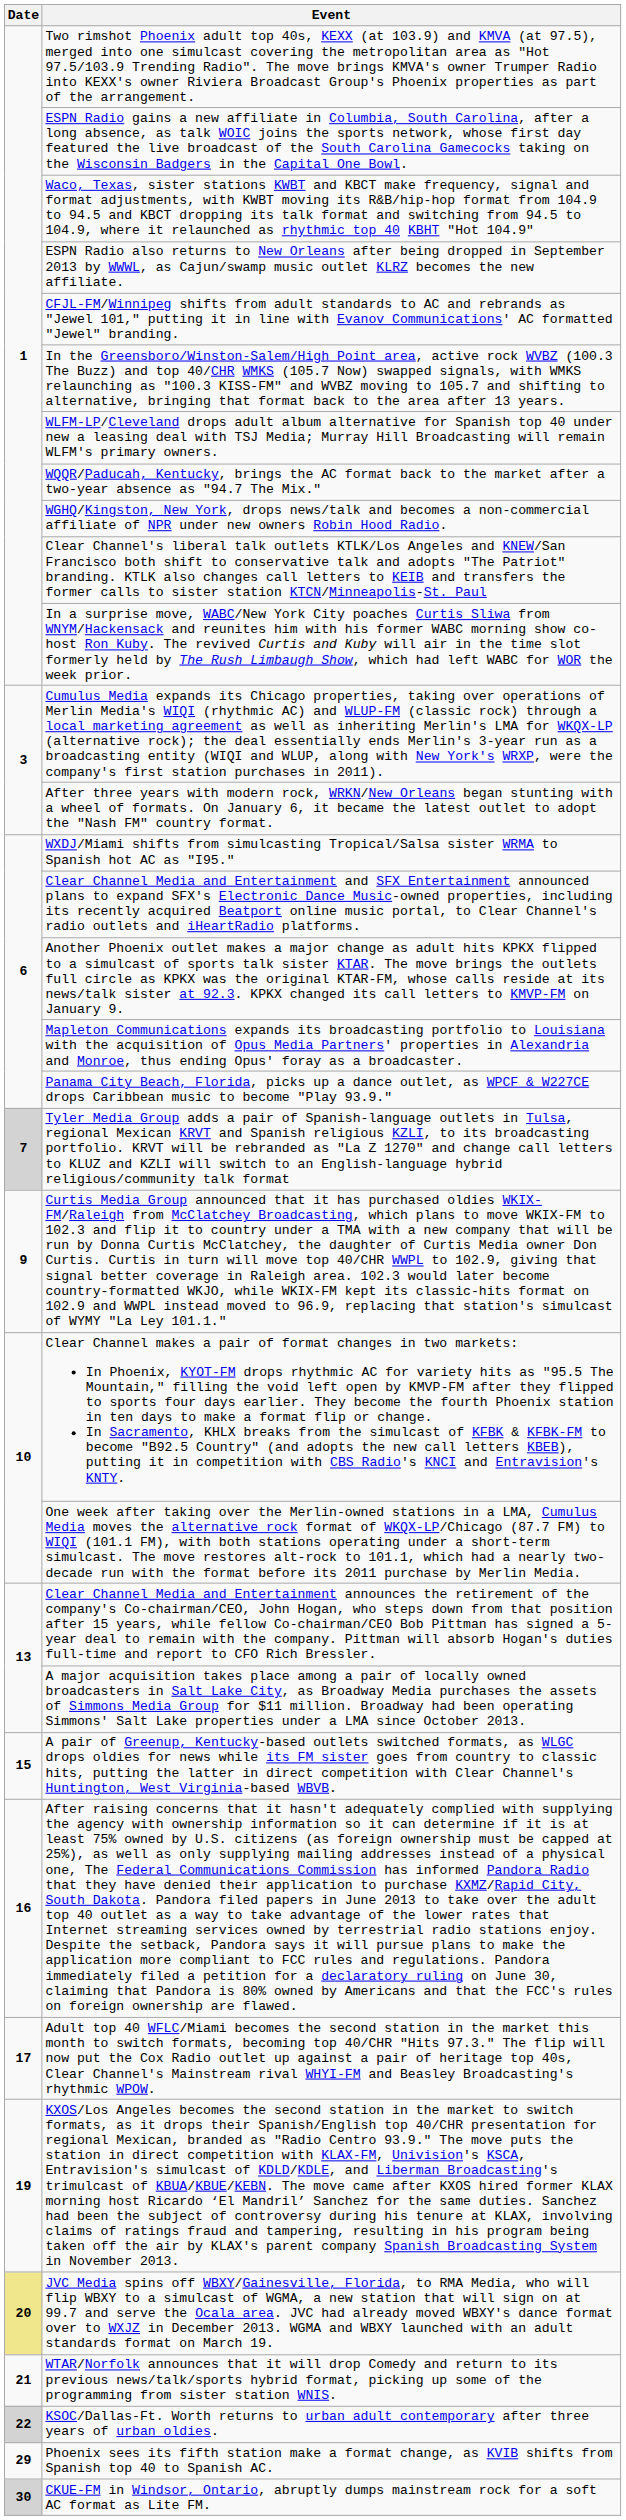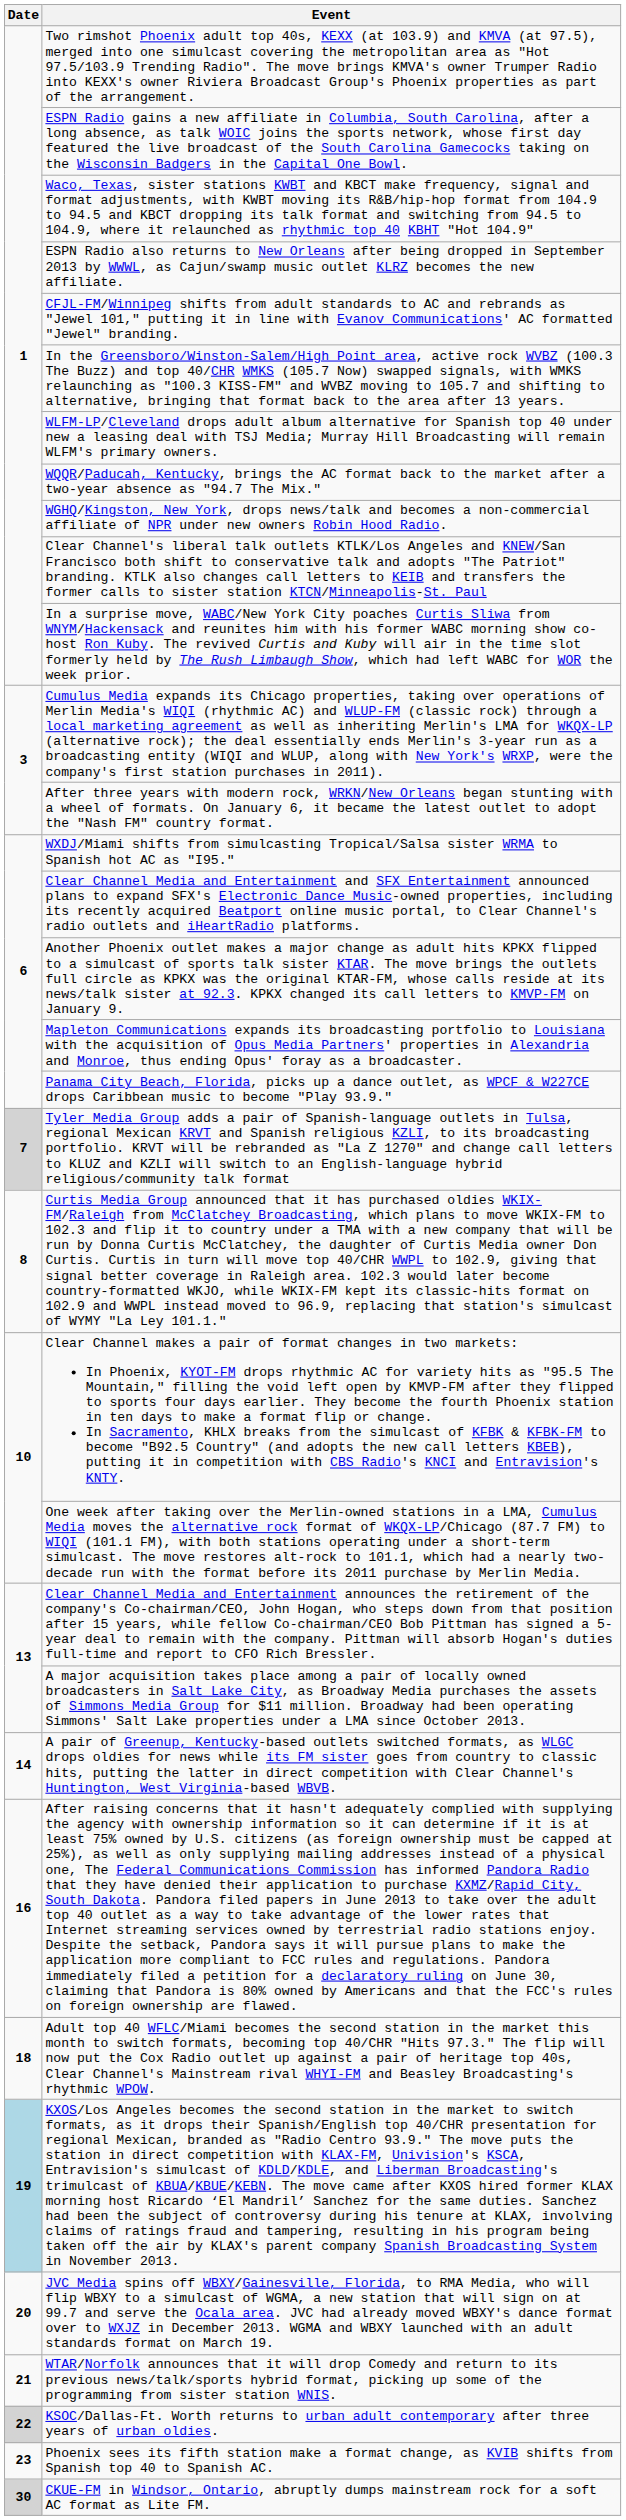 <table class="wikitable">
 <tr>
 <th>Date</th>
 <th>Event</th>
 </tr>
 <tr>
 <td style="text-align:center;" rowspan=11><strong>1</strong></td>
 <td>Two rimshot <a href='#'>Phoenix</a> adult top 40s, <a href='#'>KEXX</a> (at 103.9) and <a href='#'>KMVA</a> (at 97.5), merged into one simulcast covering the metropolitan area as "Hot 97.5/103.9 Trending Radio". The move brings KMVA's owner Trumper Radio into KEXX's owner Riviera Broadcast Group's Phoenix properties as part of the arrangement.</td>
 </tr>
 <tr>
 <td><a href='#'>ESPN Radio</a> gains a new affiliate in <a href='#'>Columbia, South Carolina</a>, after a long absence, as talk <a href='#'>WOIC</a> joins the sports network, whose first day featured the live broadcast of the <a href='#'>South Carolina Gamecocks</a> taking on the <a href='#'>Wisconsin Badgers</a> in the <a href='#'>Capital One Bowl</a>.</td>
 </tr>
 <tr>
 <td><a href='#'>Waco, Texas</a>, sister stations <a href='#'>KWBT</a> and KBCT make frequency, signal and format adjustments, with KWBT moving its R&B/hip-hop format from 104.9 to 94.5 and KBCT dropping its talk format and switching from 94.5 to 104.9, where it relaunched as <a href='#'>rhythmic top 40</a> <a href='#'>KBHT</a> "Hot 104.9"</td>
 </tr>
 <tr>
 <td>ESPN Radio also returns to <a href='#'>New Orleans</a> after being dropped in September 2013 by <a href='#'>WWWL</a>, as Cajun/swamp music outlet <a href='#'>KLRZ</a> becomes the new affiliate.</td>
 </tr>
 <tr>
 <td><a href='#'>CFJL-FM</a>/<a href='#'>Winnipeg</a> shifts from adult standards to AC and rebrands as "Jewel 101," putting it in line with <a href='#'>Evanov Communications</a>' AC formatted "Jewel" branding.</td>
 </tr>
 <tr>
 <td>In the <a href='#'>Greensboro/Winston-Salem/High Point area</a>, active rock <a href='#'>WVBZ</a> (100.3 The Buzz) and top 40/<a href='#'>CHR</a> <a href='#'>WMKS</a> (105.7 Now) swapped signals, with WMKS relaunching as "100.3 KISS-FM" and WVBZ moving to 105.7 and shifting to alternative, bringing that format back to the area after 13 years.</td>
 </tr>
 <tr>
 <td><a href='#'>WLFM-LP</a>/<a href='#'>Cleveland</a> drops adult album alternative for Spanish top 40 under new a leasing deal with TSJ Media; Murray Hill Broadcasting will remain WLFM's primary owners.</td>
 </tr>
 <tr>
 <td><a href='#'>WQQR</a>/<a href='#'>Paducah, Kentucky</a>, brings the AC format back to the market after a two-year absence as "94.7 The Mix."</td>
 </tr>
 <tr>
 <td><a href='#'>WGHQ</a>/<a href='#'>Kingston, New York</a>, drops news/talk and becomes a non-commercial affiliate of <a href='#'>NPR</a> under new owners <a href='#'>Robin Hood Radio</a>.</td>
 </tr>
 <tr>
 <td>Clear Channel's liberal talk outlets KTLK/Los Angeles and <a href='#'>KNEW</a>/San Francisco both shift to conservative talk and adopts "The Patriot" branding. KTLK also changes call letters to <a href='#'>KEIB</a> and transfers the former calls to sister station <a href='#'>KTCN</a>/<a href='#'>Minneapolis</a>-<a href='#'>St. Paul</a></td>
 </tr>
 <tr>
 <td>In a surprise move, <a href='#'>WABC</a>/New York City poaches <a href='#'>Curtis Sliwa</a> from <a href='#'>WNYM</a>/<a href='#'>Hackensack</a> and reunites him with his former WABC morning show co-host <a href='#'>Ron Kuby</a>. The revived <em>Curtis and Kuby</em> will air in the time slot formerly held by <em><a href='#'>The Rush Limbaugh Show</a></em>, which had left WABC for <a href='#'>WOR</a> the week prior.</td>
 </tr>
 <tr>
 <td style="text-align:center;" rowspan=2><strong>3</strong></td>
 <td><a href='#'>Cumulus Media</a> expands its Chicago properties, taking over operations of Merlin Media's <a href='#'>WIQI</a> (rhythmic AC) and <a href='#'>WLUP-FM</a> (classic rock) through a <a href='#'>local marketing agreement</a> as well as inheriting Merlin's LMA for <a href='#'>WKQX-LP</a> (alternative rock); the deal essentially ends Merlin's 3-year run as a broadcasting entity (WIQI and WLUP, along with <a href='#'>New York's</a> <a href='#'>WRXP</a>, were the company's first station purchases in 2011).</td>
 </tr>
 <tr>
 <td>After three years with modern rock, <a href='#'>WRKN</a>/<a href='#'>New Orleans</a> began stunting with a wheel of formats. On January 6, it became the latest outlet to adopt the "Nash FM" country format.</td>
 </tr>
 <tr>
 <td style="text-align:center;" rowspan=5><strong>6</strong></td>
 <td><a href='#'>WXDJ</a>/Miami shifts from simulcasting Tropical/Salsa sister <a href='#'>WRMA</a> to Spanish hot AC as "I95."</td>
 </tr>
 <tr>
 <td><a href='#'>Clear Channel Media and Entertainment</a> and <a href='#'>SFX Entertainment</a> announced plans to expand SFX's <a href='#'>Electronic Dance Music</a>-owned properties, including its recently acquired <a href='#'>Beatport</a> online music portal, to Clear Channel's radio outlets and <a href='#'>iHeartRadio</a> platforms.</td>
 </tr>
 <tr>
 <td>Another Phoenix outlet makes a major change as adult hits KPKX flipped to a simulcast of sports talk sister <a href='#'>KTAR</a>. The move brings the outlets full circle as KPKX was the original KTAR-FM, whose calls reside at its news/talk sister <a href='#'>at 92.3</a>. KPKX changed its call letters to <a href='#'>KMVP-FM</a> on January 9.</td>
 </tr>
 <tr>
 <td><a href='#'>Mapleton Communications</a> expands its broadcasting portfolio to <a href='#'>Louisiana</a> with the acquisition of <a href='#'>Opus Media Partners</a>' properties in <a href='#'>Alexandria</a> and <a href='#'>Monroe</a>, thus ending Opus' foray as a broadcaster.</td>
 </tr>
 <tr>
 <td><a href='#'>Panama City Beach, Florida</a>, picks up a dance outlet, as <a href='#'>WPCF & W227CE</a> drops Caribbean music to become "Play 93.9."</td>
 </tr>
 <tr>
 <td style="background: lightgrey; text-align:center;"><strong>7</strong></td>
 <td><a href='#'>Tyler Media Group</a> adds a pair of Spanish-language outlets in <a href='#'>Tulsa</a>, regional Mexican <a href='#'>KRVT</a> and Spanish religious <a href='#'>KZLI</a>, to its broadcasting portfolio. KRVT will be rebranded as "La Z 1270" and change call letters to KLUZ and KZLI will switch to an English-language hybrid religious/community talk format</td>
 </tr>
 <tr>
-<td style="text-align:center;"><strong>9</strong></td>
+<td style="text-align:center;"><strong>8</strong></td>
 <td><a href='#'>Curtis Media Group</a> announced that it has purchased oldies <a href='#'>WKIX-FM</a>/<a href='#'>Raleigh</a> from <a href='#'>McClatchey Broadcasting</a>, which plans to move WKIX-FM to 102.3 and flip it to country under a TMA with a new company that will be run by Donna Curtis McClatchey, the daughter of Curtis Media owner Don Curtis. Curtis in turn will move top 40/CHR <a href='#'>WWPL</a> to 102.9, giving that signal better coverage in Raleigh area. 102.3 would later become country-formatted WKJO, while WKIX-FM kept its classic-hits format on 102.9 and WWPL instead moved to 96.9, replacing that station's simulcast of WYMY "La Ley 101.1."</td>
 </tr>
 <tr>
 <td style="text-align:center;" rowspan="2"><strong>10</strong></td>
 <td>Clear Channel makes a pair of format changes in two markets:<br><ul><li>In Phoenix, <a href='#'>KYOT-FM</a> drops rhythmic AC for variety hits as "95.5 The Mountain," filling the void left open by KMVP-FM after they flipped to sports four days earlier. They become the fourth Phoenix station in ten days to make a format flip or change.</li><li>In <a href='#'>Sacramento</a>, KHLX breaks from the simulcast of <a href='#'>KFBK</a> & <a href='#'>KFBK-FM</a> to become "B92.5 Country" (and adopts the new call letters <a href='#'>KBEB</a>), putting it in competition with <a href='#'>CBS Radio</a>'s <a href='#'>KNCI</a> and <a href='#'>Entravision</a>'s <a href='#'>KNTY</a>.</li></ul></td>
 </tr>
 <tr>
 <td>One week after taking over the Merlin-owned stations in a LMA, <a href='#'>Cumulus Media</a> moves the <a href='#'>alternative rock</a> format of <a href='#'>WKQX-LP</a>/Chicago (87.7 FM) to <a href='#'>WIQI</a> (101.1 FM), with both stations operating under a short-term simulcast. The move restores alt-rock to 101.1, which had a nearly two-decade run with the format before its 2011 purchase by Merlin Media.</td>
 </tr>
 <tr>
 <td style="text-align:center;" rowspan="2"><strong>13</strong></td>
 <td><a href='#'>Clear Channel Media and Entertainment</a> announces the retirement of the company's Co-chairman/CEO, John Hogan, who steps down from that position after 15 years, while fellow Co-chairman/CEO Bob Pittman has signed a 5-year deal to remain with the company. Pittman will absorb Hogan's duties full-time and report to CFO Rich Bressler.</td>
 </tr>
 <tr>
 <td>A major acquisition takes place among a pair of locally owned broadcasters in <a href='#'>Salt Lake City</a>, as Broadway Media purchases the assets of <a href='#'>Simmons Media Group</a> for $11 million. Broadway had been operating Simmons' Salt Lake properties under a LMA since October 2013.</td>
 </tr>
 <tr>
-<td style="text-align:center;"><strong>15</strong></td>
+<td style="text-align:center;"><strong>14</strong></td>
 <td>A pair of <a href='#'>Greenup, Kentucky</a>-based outlets switched formats, as <a href='#'>WLGC</a> drops oldies for news while <a href='#'>its FM sister</a> goes from country to classic hits, putting the latter in direct competition with Clear Channel's <a href='#'>Huntington, West Virginia</a>-based <a href='#'>WBVB</a>.</td>
 </tr>
 <tr>
 <td style="text-align:center;"><strong>16</strong></td>
 <td>After raising concerns that it hasn't adequately complied with supplying the agency with ownership information so it can determine if it is at least 75% owned by U.S. citizens (as foreign ownership must be capped at 25%), as well as only supplying mailing addresses instead of a physical one, The <a href='#'>Federal Communications Commission</a> has informed <a href='#'>Pandora Radio</a> that they have denied their application to purchase <a href='#'>KXMZ</a>/<a href='#'>Rapid City, South Dakota</a>. Pandora filed papers in June 2013 to take over the adult top 40 outlet as a way to take advantage of the lower rates that Internet streaming services owned by terrestrial radio stations enjoy. Despite the setback, Pandora says it will pursue plans to make the application more compliant to FCC rules and regulations. Pandora immediately filed a petition for a <a href='#'>declaratory ruling</a> on June 30, claiming that Pandora is 80% owned by Americans and that the FCC's rules on foreign ownership are flawed.</td>
 </tr>
 <tr>
-<td style="text-align:center;"><strong>17</strong></td>
+<td style="text-align:center;"><strong>18</strong></td>
 <td>Adult top 40 <a href='#'>WFLC</a>/Miami becomes the second station in the market this month to switch formats, becoming top 40/CHR "Hits 97.3." The flip will now put the Cox Radio outlet up against a pair of heritage top 40s, Clear Channel's Mainstream rival <a href='#'>WHYI-FM</a> and Beasley Broadcasting's rhythmic <a href='#'>WPOW</a>.</td>
 </tr>
 <tr>
-<td style="text-align:center;"><strong>19</strong></td>
+<td style="background: lightblue; text-align:center;"><strong>19</strong></td>
 <td><a href='#'>KXOS</a>/Los Angeles becomes the second station in the market to switch formats, as it drops their Spanish/English top 40/CHR presentation for regional Mexican, branded as "Radio Centro 93.9." The move puts the station in direct competition with <a href='#'>KLAX-FM</a>, <a href='#'>Univision</a>'s <a href='#'>KSCA</a>, Entravision's simulcast of <a href='#'>KDLD</a>/<a href='#'>KDLE</a>, and <a href='#'>Liberman Broadcasting</a>'s trimulcast of <a href='#'>KBUA</a>/<a href='#'>KBUE</a>/<a href='#'>KEBN</a>. The move came after KXOS hired former KLAX morning host Ricardo ‘El Mandril’ Sanchez for the same duties. Sanchez had been the subject of controversy during his tenure at KLAX, involving claims of ratings fraud and tampering, resulting in his program being taken off the air by KLAX's parent company <a href='#'>Spanish Broadcasting System</a> in November 2013.</td>
 </tr>
 <tr>
-<td style="background: khaki; text-align:center;"><strong>20</strong></td>
+<td style="text-align:center;"><strong>20</strong></td>
 <td><a href='#'>JVC Media</a> spins off <a href='#'>WBXY</a>/<a href='#'>Gainesville, Florida</a>, to RMA Media, who will flip WBXY to a simulcast of WGMA, a new station that will sign on at 99.7 and serve the <a href='#'>Ocala area</a>. JVC had already moved WBXY's dance format over to <a href='#'>WXJZ</a> in December 2013. WGMA and WBXY launched with an adult standards format on March 19.</td>
 </tr>
 <tr>
 <td style="text-align:center;"><strong>21</strong></td>
 <td><a href='#'>WTAR</a>/<a href='#'>Norfolk</a> announces that it will drop Comedy and return to its previous news/talk/sports hybrid format, picking up some of the programming from sister station <a href='#'>WNIS</a>.</td>
 </tr>
 <tr>
 <td style="background: lightgrey; text-align:center;"><strong>22</strong></td>
 <td><a href='#'>KSOC</a>/Dallas-Ft. Worth returns to <a href='#'>urban adult contemporary</a> after three years of <a href='#'>urban oldies</a>.</td>
 </tr>
 <tr>
-<td style="text-align:center;"><strong>29</strong></td>
+<td style="text-align:center;"><strong>23</strong></td>
 <td>Phoenix sees its fifth station make a format change, as <a href='#'>KVIB</a> shifts from Spanish top 40 to Spanish AC.</td>
 </tr>
 <tr>
 <td style="background: lightgrey; text-align:center;"><strong>30</strong></td>
 <td><a href='#'>CKUE-FM</a> in <a href='#'>Windsor, Ontario</a>, abruptly dumps mainstream rock for a soft AC format as Lite FM.</td>
 </tr>
 </table>
